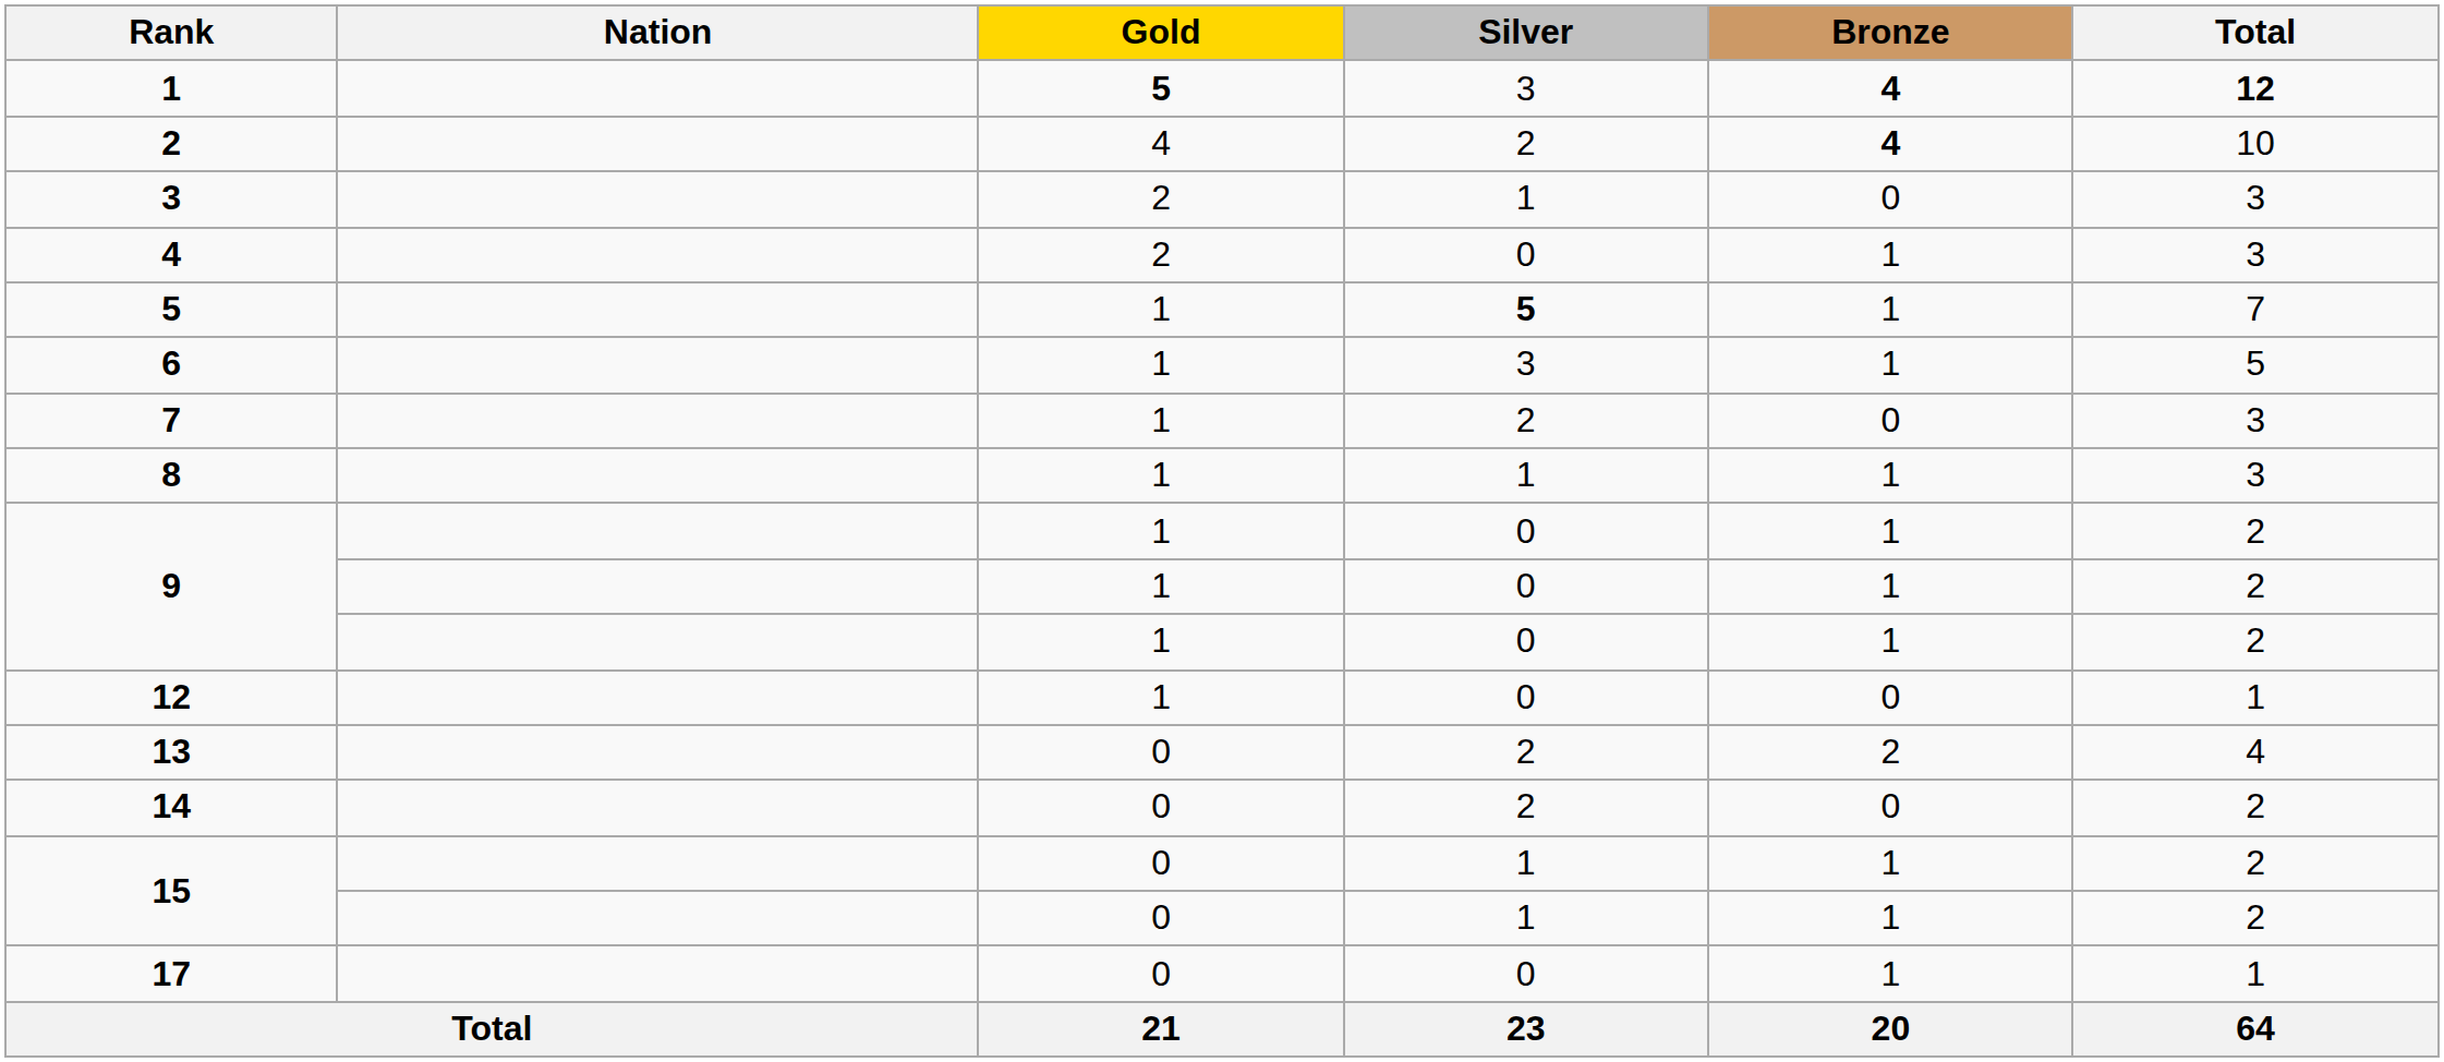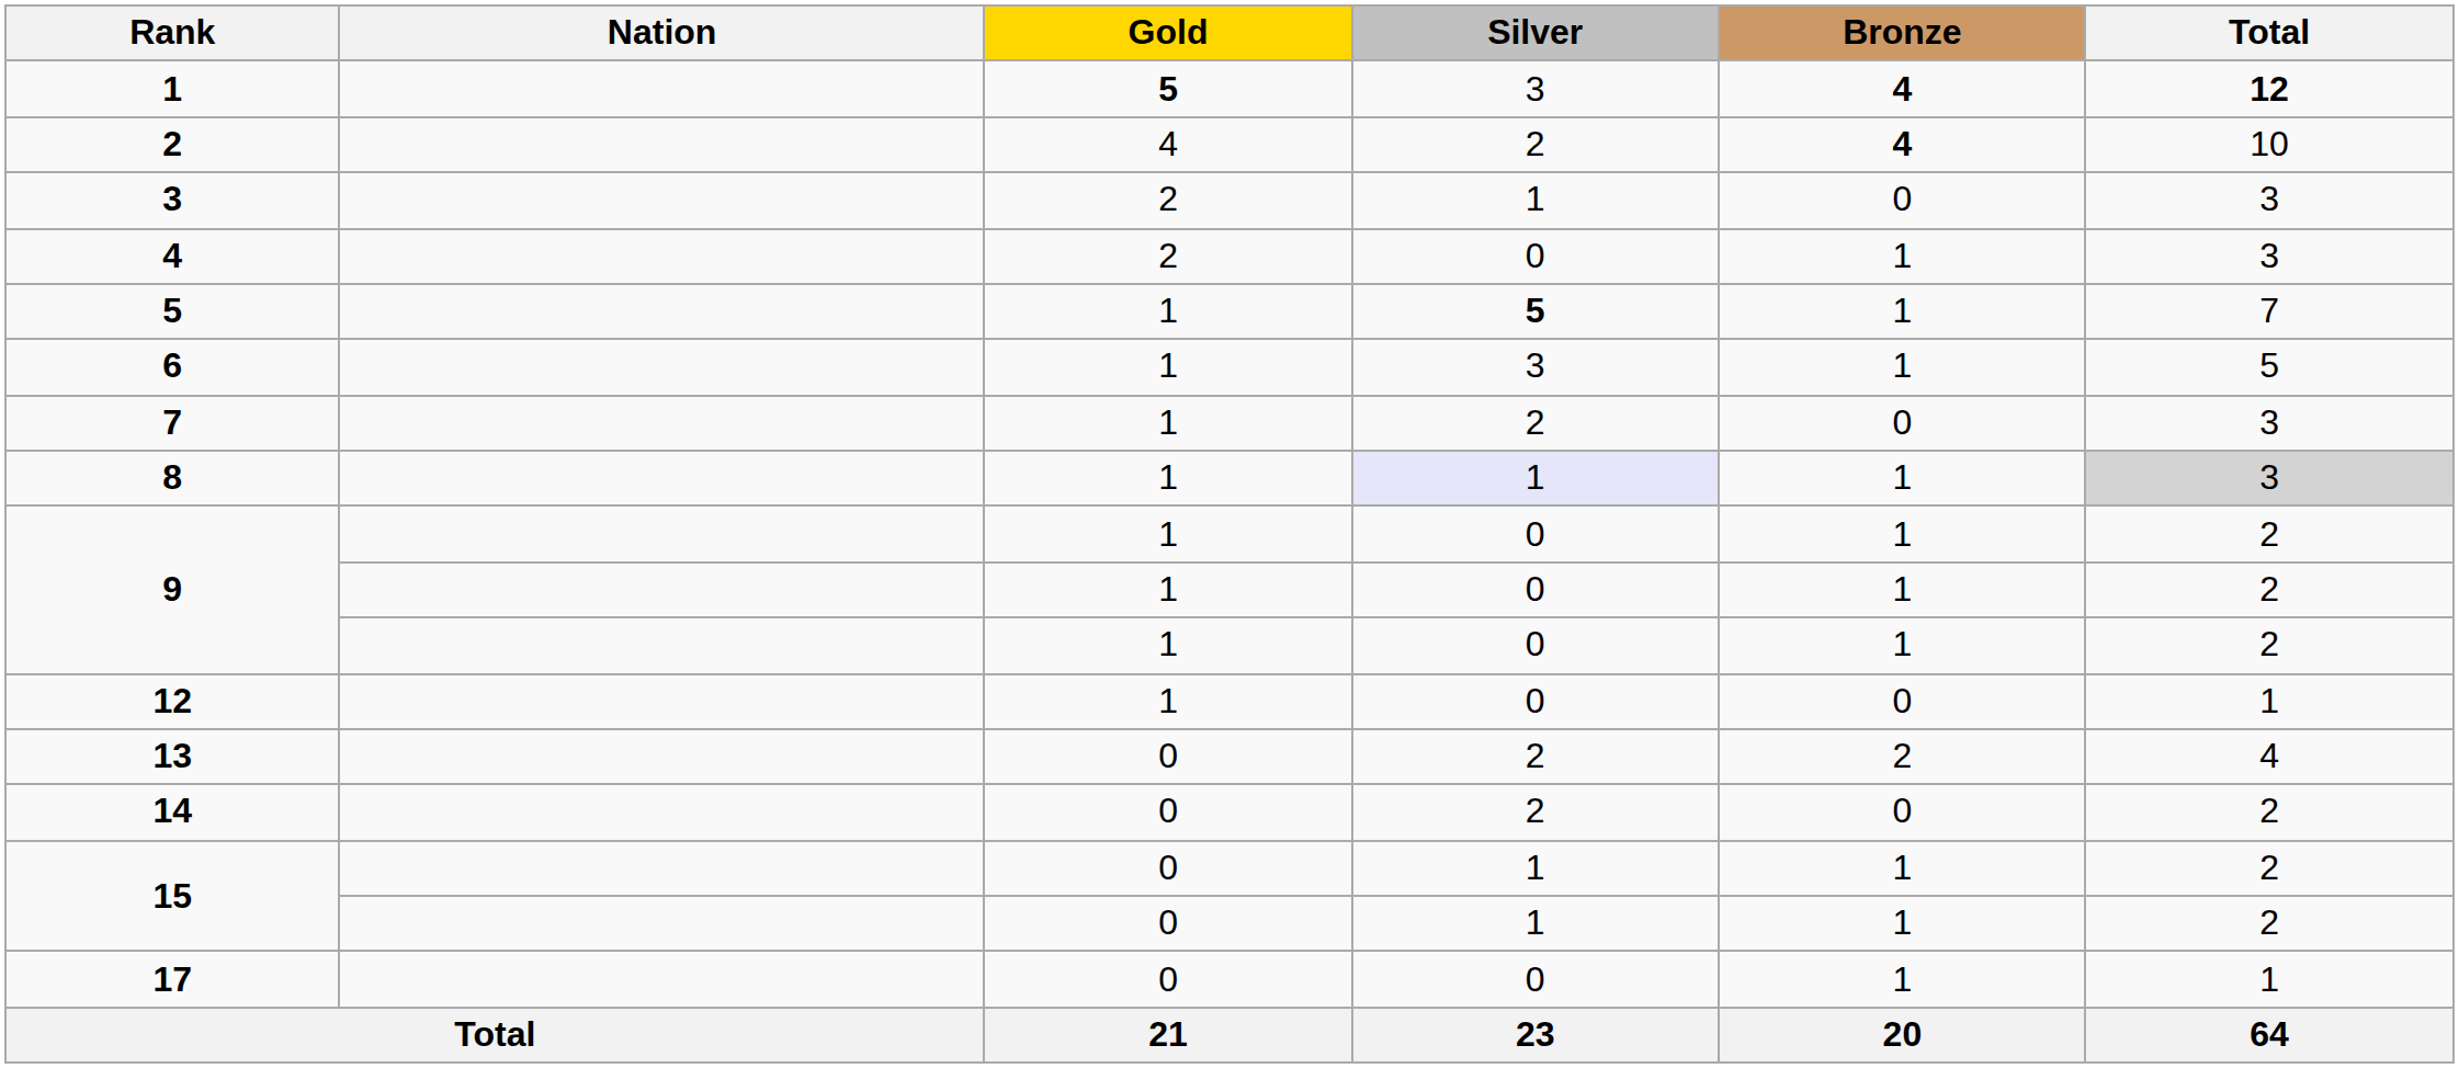 <table class="wikitable collapsible autocollapse plainrowheaders" width=70.5% style="text-align:center;">
 <tr style="background-color:#EDEDED;">
 <th width=100px class="hintergrundfarbe5">Rank</th>
 <th width=200px class="hintergrundfarbe6">Nation</th>
 <th style="background:    gold; width:15%">Gold</th>
 <th style="background:  silver; width:15%">Silver</th>
 <th style="background: #CC9966; width:15%">Bronze</th>
 <th class="hintergrundfarbe6" style="width:15%">Total</th>
 </tr>
 <tr>
 <td><strong>1</strong></td>
 <td align=left></td>
 <td><strong>5</strong></td>
 <td>3</td>
 <td><strong>4</strong></td>
 <td><strong>12</strong></td>
 </tr>
 <tr>
 <td><strong>2</strong></td>
 <td align=left></td>
 <td>4</td>
 <td>2</td>
 <td><strong>4</strong></td>
 <td>10</td>
 </tr>
 <tr>
 <td><strong>3</strong></td>
 <td align=left></td>
 <td>2</td>
 <td>1</td>
 <td>0</td>
 <td>3</td>
 </tr>
 <tr>
 <td><strong>4</strong></td>
 <td align=left></td>
 <td>2</td>
 <td>0</td>
 <td>1</td>
 <td>3</td>
 </tr>
 <tr>
 <td><strong>5</strong></td>
 <td align=left></td>
 <td>1</td>
 <td><strong>5</strong></td>
 <td>1</td>
 <td>7</td>
 </tr>
 <tr>
 <td><strong>6</strong></td>
 <td align=left></td>
 <td>1</td>
 <td>3</td>
 <td>1</td>
 <td>5</td>
 </tr>
 <tr>
 <td><strong>7</strong></td>
 <td align=left></td>
 <td>1</td>
 <td>2</td>
 <td>0</td>
 <td>3</td>
 </tr>
 <tr>
 <td><strong>8</strong></td>
 <td align=left></td>
 <td>1</td>
+<td style="background: lavender;">1</td>
 <td>1</td>
-<td>1</td>
-<td>3</td>
+<td style="background: lightgrey;">3</td>
 </tr>
 <tr>
 <td rowspan=3><strong>9</strong></td>
 <td align=left></td>
 <td>1</td>
 <td>0</td>
 <td>1</td>
 <td>2</td>
 </tr>
 <tr>
 <td align=left></td>
 <td>1</td>
 <td>0</td>
 <td>1</td>
 <td>2</td>
 </tr>
 <tr>
 <td align=left><em></em></td>
 <td>1</td>
 <td>0</td>
 <td>1</td>
 <td>2</td>
 </tr>
 <tr>
 <td><strong>12</strong></td>
 <td align=left></td>
 <td>1</td>
 <td>0</td>
 <td>0</td>
 <td>1</td>
 </tr>
 <tr>
 <td><strong>13</strong></td>
 <td align=left></td>
 <td>0</td>
 <td>2</td>
 <td>2</td>
 <td>4</td>
 </tr>
 <tr>
 <td><strong>14</strong></td>
 <td align=left></td>
 <td>0</td>
 <td>2</td>
 <td>0</td>
 <td>2</td>
 </tr>
 <tr>
 <td rowspan=2><strong>15</strong></td>
 <td align=left></td>
 <td>0</td>
 <td>1</td>
 <td>1</td>
 <td>2</td>
 </tr>
 <tr>
 <td align=left><em></em></td>
 <td>0</td>
 <td>1</td>
 <td>1</td>
 <td>2</td>
 </tr>
 <tr>
 <td><strong>17</strong></td>
 <td align=left></td>
 <td>0</td>
 <td>0</td>
 <td>1</td>
 <td>1</td>
 </tr>
 <tr>
 <th colspan=2>Total</th>
 <th>21</th>
 <th>23</th>
 <th>20</th>
 <th>64</th>
 </tr>
 </table>
